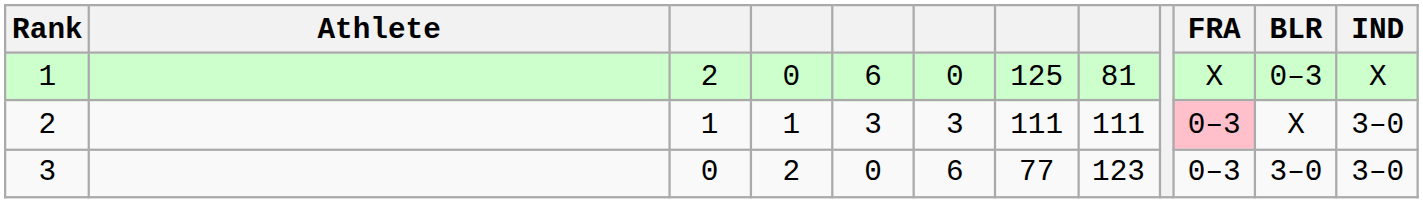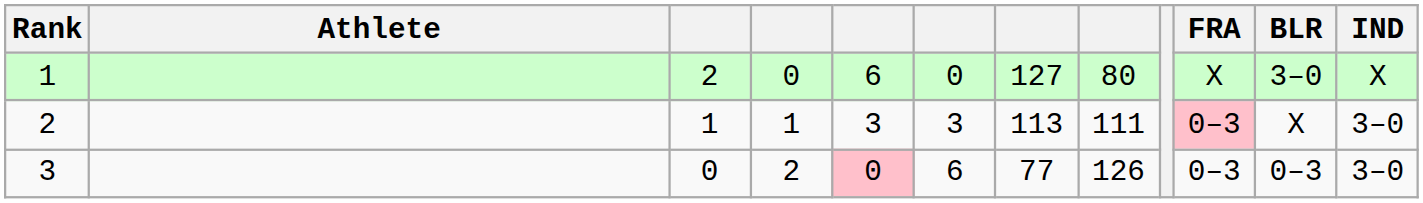 <table class="wikitable" style="text-align:center">
 <tr>
 <th>Rank</th>
 <th width=250>Athlete</th>
 <th width=30></th>
 <th width=30></th>
 <th width=30></th>
 <th width=30></th>
 <th width=30></th>
 <th width=30></th>
 <th rowspan=4></th>
 <th width=30>FRA</th>
 <th width=30>BLR</th>
 <th width=30>IND</th>
 </tr>
 <tr style="background-color:#ccffcc;">
 <td>1</td>
 <td align=left></td>
 <td>2</td>
 <td>0</td>
 <td>6</td>
 <td>0</td>
-<td>125</td>
-<td>81</td>
+<td>127</td>
+<td>80</td>
 <td>X</td>
-<td>0–3</td>
+<td>3–0</td>
 <td>X</td>
 </tr>
 <tr>
 <td>2</td>
 <td align=left></td>
 <td>1</td>
 <td>1</td>
 <td>3</td>
 <td>3</td>
-<td>111</td>
+<td>113</td>
 <td>111</td>
 <td style="background: pink;">0–3</td>
 <td>X</td>
 <td>3–0</td>
 </tr>
 <tr>
 <td>3</td>
 <td align=left></td>
 <td>0</td>
 <td>2</td>
-<td>0</td>
+<td style="background: pink;">0</td>
 <td>6</td>
 <td>77</td>
-<td>123</td>
+<td>126</td>
 <td>0–3</td>
-<td>3–0</td>
+<td>0–3</td>
 <td>3–0</td>
 </tr>
 </table>
